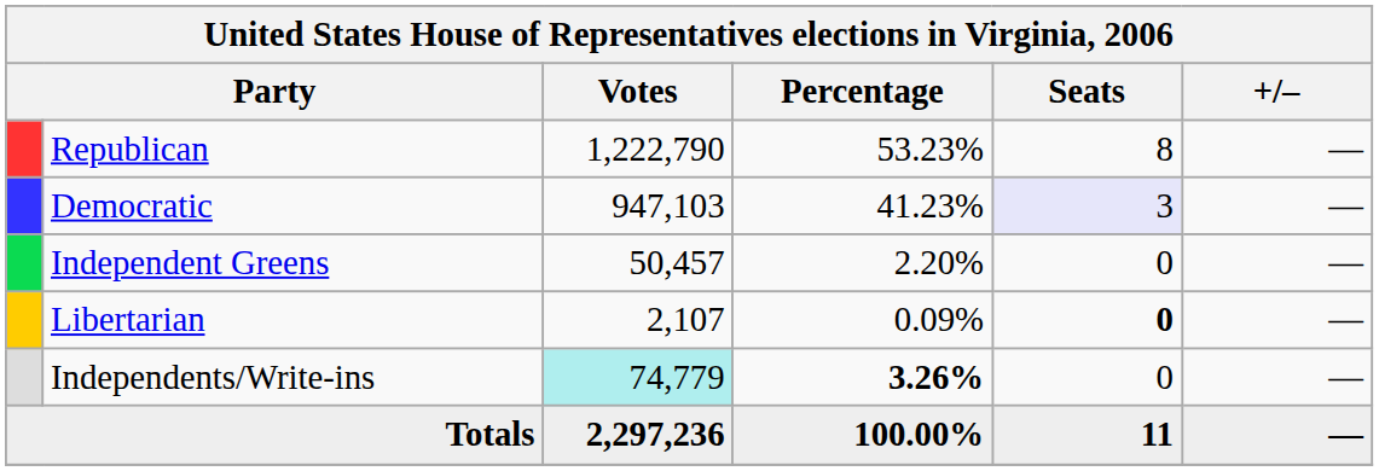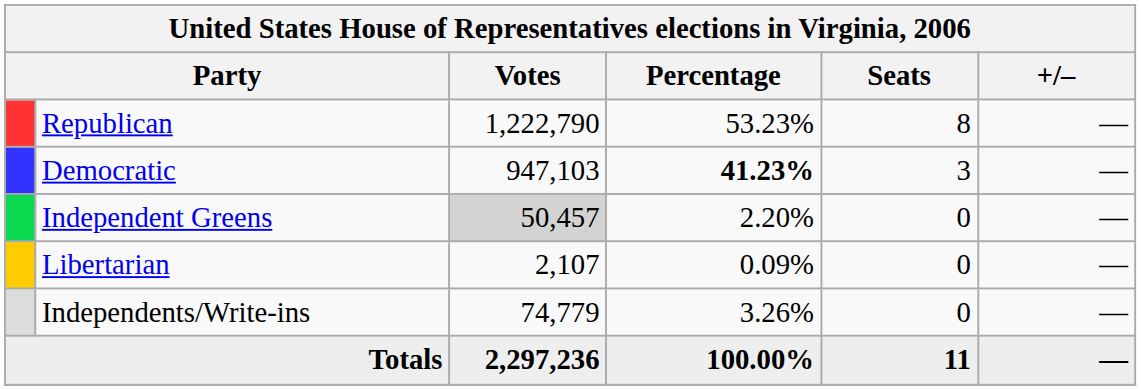 <table class="wikitable" style="font-size: 95%;">
 <tr>
 <th colspan="6">United States House of Representatives elections in Virginia, 2006</th>
 </tr>
 <tr>
 <th colspan=2 style="width: 15em">Party</th>
 <th style="width: 5em">Votes</th>
 <th style="width: 7em">Percentage</th>
 <th style="width: 5em">Seats</th>
 <th style="width: 5em">+/–</th>
 </tr>
 <tr>
 <th style="background-color:#FF3333; width: 3px"></th>
 <td style="width: 130px"><a href='#'>Republican</a></td>
 <td align="right">1,222,790</td>
 <td align="right">53.23%</td>
 <td align="right">8</td>
 <td align="right">—</td>
 </tr>
 <tr>
 <th style="background-color:#3333FF; width: 3px"></th>
 <td style="width: 130px"><a href='#'>Democratic</a></td>
 <td align="right">947,103</td>
-<td align="right">41.23%</td>
-<td align="right" style="background: lavender;">3</td>
+<td align="right"><strong>41.23%</strong></td>
+<td align="right">3</td>
 <td align="right">—</td>
 </tr>
 <tr>
 <th style="background-color:#0BDA51; width: 3px"></th>
 <td style="width: 130px"><a href='#'>Independent Greens</a></td>
-<td align="right">50,457</td>
+<td align="right" style="background: lightgrey;">50,457</td>
 <td align="right">2.20%</td>
 <td align="right">0</td>
 <td align="right">—</td>
 </tr>
 <tr>
 <th style="background-color:#FFCC00; width: 3px"></th>
 <td style="width: 130px"><a href='#'>Libertarian</a></td>
 <td align="right">2,107</td>
 <td align="right">0.09%</td>
-<td align="right"><strong>0</strong></td>
+<td align="right">0</td>
 <td align="right">—</td>
 </tr>
 <tr>
 <th style="background-color:#DDDDDD; width: 3px"></th>
 <td style="width: 130px">Independents/Write-ins</td>
-<td align="right" style="background: paleturquoise;">74,779</td>
-<td align="right"><strong>3.26%</strong></td>
+<td align="right">74,779</td>
+<td align="right">3.26%</td>
 <td align="right">0</td>
 <td align="right">—</td>
 </tr>
 <tr bgcolor="#EEEEEE">
 <td colspan="2" align="right"><strong>Totals</strong></td>
 <td align="right"><strong>2,297,236</strong></td>
 <td align="right"><strong>100.00%</strong></td>
 <td align="right"><strong>11</strong></td>
 <td align="right"><strong>—</strong></td>
 </tr>
 <tr bgcolor="#EEEEEE">
 </tr>
 </table>
